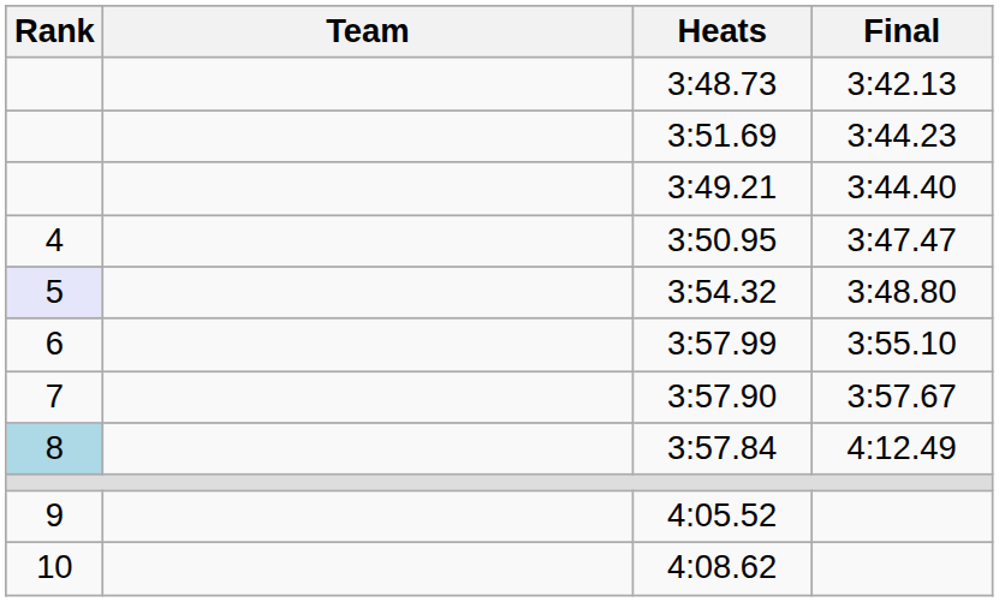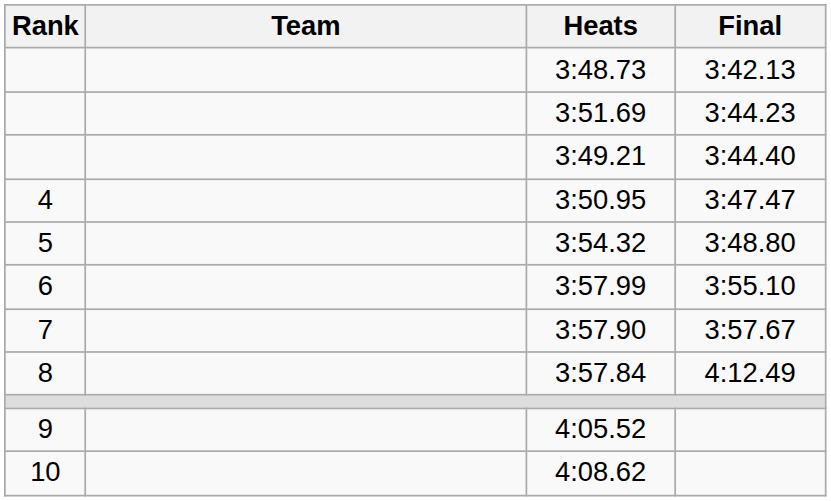 <table class=wikitable style="text-align:center">
 <tr>
 <th width=40>Rank</th>
 <th width=250>Team</th>
 <th width=80>Heats</th>
 <th width=80>Final</th>
 </tr>
 <tr>
 <td></td>
 <td align=left></td>
 <td>3:48.73</td>
 <td>3:42.13</td>
 </tr>
 <tr>
 <td></td>
 <td align=left></td>
 <td>3:51.69</td>
 <td>3:44.23</td>
 </tr>
 <tr>
 <td></td>
 <td align=left></td>
 <td>3:49.21</td>
 <td>3:44.40</td>
 </tr>
 <tr>
 <td>4</td>
 <td align=left></td>
 <td>3:50.95</td>
 <td>3:47.47</td>
 </tr>
 <tr>
-<td style="background: lavender;">5</td>
+<td>5</td>
 <td align=left></td>
 <td>3:54.32</td>
 <td>3:48.80</td>
 </tr>
 <tr>
 <td>6</td>
 <td align=left></td>
 <td>3:57.99</td>
 <td>3:55.10</td>
 </tr>
 <tr>
 <td>7</td>
 <td align=left></td>
 <td>3:57.90</td>
 <td>3:57.67</td>
 </tr>
 <tr>
-<td style="background: lightblue;">8</td>
+<td>8</td>
 <td align=left></td>
 <td>3:57.84</td>
 <td>4:12.49</td>
 </tr>
 <tr bgcolor=#DDDDDD>
 <td colspan=4></td>
 </tr>
 <tr>
 <td>9</td>
 <td align=left></td>
 <td>4:05.52</td>
 <td></td>
 </tr>
 <tr>
 <td>10</td>
 <td align=left></td>
 <td>4:08.62</td>
 <td></td>
 </tr>
 </table>
